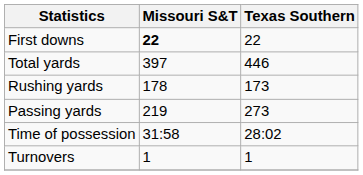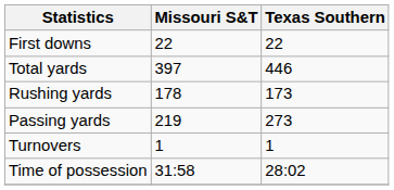 <table class="wikitable">
 <tr>
 <th>Statistics</th>
 <th>Missouri S&T</th>
 <th>Texas Southern</th>
 </tr>
 <tr>
 <td>First downs</td>
-<td><strong>22</strong></td>
+<td>22</td>
 <td>22</td>
 </tr>
 <tr>
 <td>Total yards</td>
 <td>397</td>
 <td>446</td>
 </tr>
 <tr>
 <td>Rushing yards</td>
 <td>178</td>
 <td>173</td>
 </tr>
 <tr>
 <td>Passing yards</td>
 <td>219</td>
 <td>273</td>
 </tr>
 <tr>
+<td>Turnovers</td>
+<td>1</td>
+<td>1</td>
+</tr>
+<tr>
 <td>Time of possession</td>
 <td>31:58</td>
 <td>28:02</td>
 </tr>
 <tr>
-<td>Turnovers</td>
-<td>1</td>
-<td>1</td>
-</tr>
-<tr>
 </tr>
 </table>
